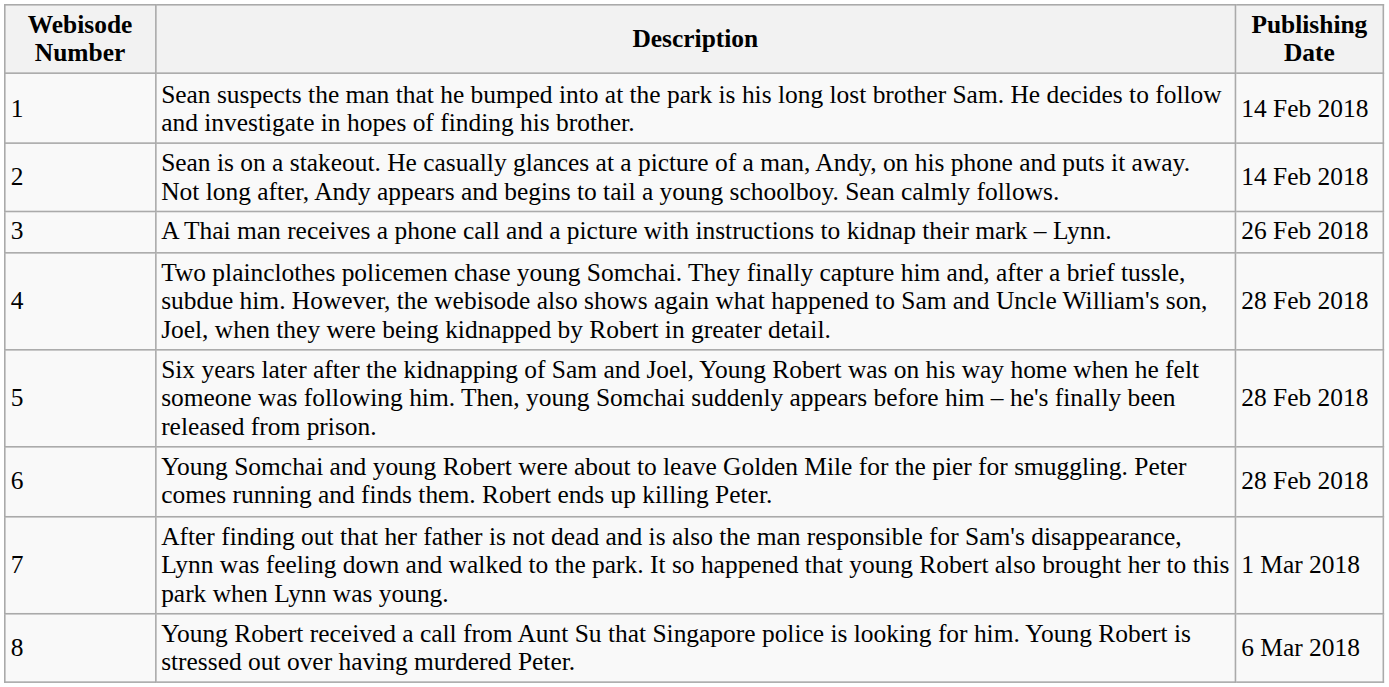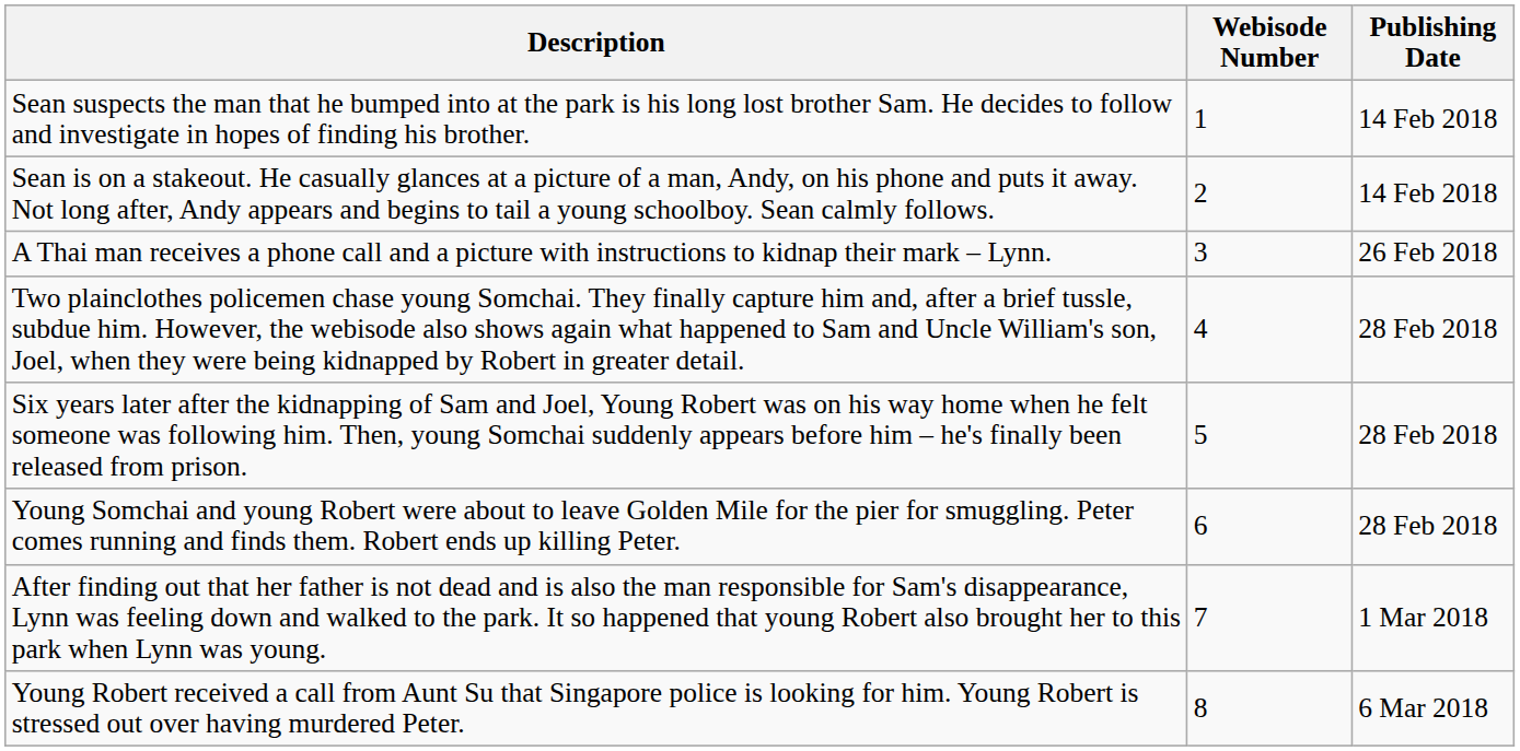 <table class="wikitable">
 <tr>
+<th>Description</th>
 <th>Webisode Number</th>
-<th>Description</th>
 <th>Publishing Date</th>
 </tr>
 <tr>
+<td>Sean suspects the man that he bumped into at the park is his long lost brother Sam. He decides to follow and investigate in hopes of finding his brother.</td>
 <td>1</td>
-<td>Sean suspects the man that he bumped into at the park is his long lost brother Sam. He decides to follow and investigate in hopes of finding his brother.</td>
 <td>14 Feb 2018</td>
 </tr>
 <tr>
+<td>Sean is on a stakeout. He casually glances at a picture of a man, Andy, on his phone and puts it away. Not long after, Andy appears and begins to tail a young schoolboy. Sean calmly follows.</td>
 <td>2</td>
-<td>Sean is on a stakeout. He casually glances at a picture of a man, Andy, on his phone and puts it away. Not long after, Andy appears and begins to tail a young schoolboy. Sean calmly follows.</td>
 <td>14 Feb 2018</td>
 </tr>
 <tr>
+<td>A Thai man receives a phone call and a picture with instructions to kidnap their mark – Lynn.</td>
 <td>3</td>
-<td>A Thai man receives a phone call and a picture with instructions to kidnap their mark – Lynn.</td>
 <td>26 Feb 2018</td>
 </tr>
 <tr>
+<td>Two plainclothes policemen chase young Somchai. They finally capture him and, after a brief tussle, subdue him. However, the webisode also shows again what happened to Sam and Uncle William's son, Joel, when they were being kidnapped by Robert in greater detail.</td>
 <td>4</td>
-<td>Two plainclothes policemen chase young Somchai. They finally capture him and, after a brief tussle, subdue him. However, the webisode also shows again what happened to Sam and Uncle William's son, Joel, when they were being kidnapped by Robert in greater detail.</td>
 <td>28 Feb 2018</td>
 </tr>
 <tr>
+<td>Six years later after the kidnapping of Sam and Joel, Young Robert was on his way home when he felt someone was following him. Then, young Somchai suddenly appears before him – he's finally been released from prison.</td>
 <td>5</td>
-<td>Six years later after the kidnapping of Sam and Joel, Young Robert was on his way home when he felt someone was following him. Then, young Somchai suddenly appears before him – he's finally been released from prison.</td>
 <td>28 Feb 2018</td>
 </tr>
 <tr>
+<td>Young Somchai and young Robert were about to leave Golden Mile for the pier for smuggling. Peter comes running and finds them. Robert ends up killing Peter.</td>
 <td>6</td>
-<td>Young Somchai and young Robert were about to leave Golden Mile for the pier for smuggling. Peter comes running and finds them. Robert ends up killing Peter.</td>
 <td>28 Feb 2018</td>
 </tr>
 <tr>
+<td>After finding out that her father is not dead and is also the man responsible for Sam's disappearance, Lynn was feeling down and walked to the park. It so happened that young Robert also brought her to this park when Lynn was young.</td>
 <td>7</td>
-<td>After finding out that her father is not dead and is also the man responsible for Sam's disappearance, Lynn was feeling down and walked to the park. It so happened that young Robert also brought her to this park when Lynn was young.</td>
 <td>1 Mar 2018</td>
 </tr>
 <tr>
+<td>Young Robert received a call from Aunt Su that Singapore police is looking for him. Young Robert is stressed out over having murdered Peter.</td>
 <td>8</td>
-<td>Young Robert received a call from Aunt Su that Singapore police is looking for him. Young Robert is stressed out over having murdered Peter.</td>
 <td>6 Mar 2018</td>
 </tr>
 </table>
